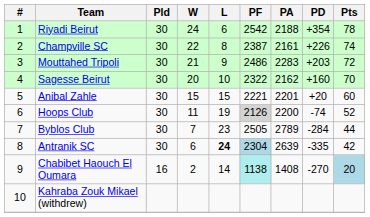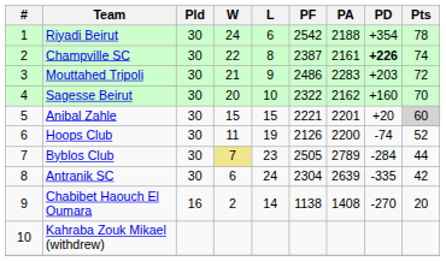 <table class="wikitable" style="text-align:center;">
 <tr>
 <th width=40>#</th>
 <th width=160>Team</th>
 <th width=40>Pld</th>
 <th width=40>W</th>
 <th width=40>L</th>
 <th width=40>PF</th>
 <th width=40>PA</th>
 <th width=40>PD</th>
 <th width=40>Pts</th>
 </tr>
 <tr bgcolor=ccffcc>
 <td>1</td>
 <td align="left"><a href='#'>Riyadi Beirut</a></td>
 <td>30</td>
 <td>24</td>
 <td>6</td>
 <td>2542</td>
 <td>2188</td>
 <td>+354</td>
 <td>78</td>
 </tr>
 <tr bgcolor=ccffcc>
 <td>2</td>
 <td align="left"><a href='#'>Champville SC</a></td>
 <td>30</td>
 <td>22</td>
 <td>8</td>
 <td>2387</td>
 <td>2161</td>
-<td>+226</td>
+<td><strong>+226</strong></td>
 <td>74</td>
 </tr>
 <tr bgcolor=ccffcc>
 <td>3</td>
 <td align="left"><a href='#'>Mouttahed Tripoli</a></td>
 <td>30</td>
 <td>21</td>
 <td>9</td>
 <td>2486</td>
 <td>2283</td>
 <td>+203</td>
 <td>72</td>
 </tr>
 <tr bgcolor=ccffcc>
 <td>4</td>
 <td align="left"><a href='#'>Sagesse Beirut</a></td>
 <td>30</td>
 <td>20</td>
 <td>10</td>
 <td>2322</td>
 <td>2162</td>
 <td>+160</td>
 <td>70</td>
 </tr>
 <tr>
 <td>5</td>
 <td align="left"><a href='#'>Anibal Zahle</a></td>
 <td>30</td>
 <td>15</td>
 <td>15</td>
 <td>2221</td>
 <td>2201</td>
 <td>+20</td>
-<td>60</td>
+<td style="background: lightgrey;">60</td>
 </tr>
 <tr>
 <td>6</td>
 <td align="left"><a href='#'>Hoops Club</a></td>
 <td>30</td>
 <td>11</td>
 <td>19</td>
-<td style="background: lightgrey;">2126</td>
+<td>2126</td>
 <td>2200</td>
 <td>-74</td>
 <td>52</td>
 </tr>
 <tr>
 <td>7</td>
 <td align="left"><a href='#'>Byblos Club</a></td>
 <td>30</td>
-<td>7</td>
+<td style="background: khaki;">7</td>
 <td>23</td>
 <td>2505</td>
 <td>2789</td>
 <td>-284</td>
 <td>44</td>
 </tr>
 <tr>
 <td>8</td>
 <td align="left"><a href='#'>Antranik SC</a></td>
 <td>30</td>
 <td>6</td>
-<td><strong>24</strong></td>
-<td style="background: lightblue;">2304</td>
+<td>24</td>
+<td>2304</td>
 <td>2639</td>
 <td>-335</td>
 <td>42</td>
 </tr>
 <tr>
 <td>9</td>
 <td align="left"><a href='#'>Chabibet Haouch El Oumara</a></td>
 <td>16</td>
 <td>2</td>
 <td>14</td>
-<td style="background: paleturquoise;">1138</td>
+<td>1138</td>
 <td>1408</td>
 <td>-270</td>
-<td style="background: lightblue;">20</td>
+<td>20</td>
 </tr>
 <tr>
 <td>10</td>
 <td align="left"><a href='#'>Kahraba Zouk Mikael</a> (withdrew)</td>
 <td></td>
 <td></td>
 <td></td>
 <td></td>
 <td></td>
 <td></td>
 <td></td>
 </tr>
 <tr>
 </tr>
 </table>
